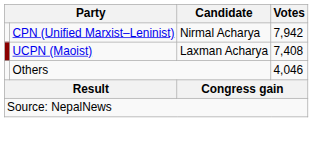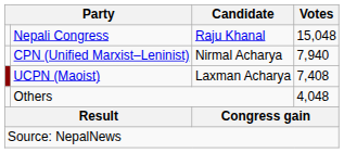 <table class="wikitable">
 <tr>
 <th colspan="2">Party</th>
 <th>Candidate</th>
 <th>Votes</th>
 </tr>
 <tr>
 <td style="background-color:"></td>
+<td><a href='#'>Nepali Congress</a></td>
+<td><a href='#'>Raju Khanal</a></td>
+<td>15,048</td>
+</tr>
+<tr>
+<td style="background-color:"></td>
 <td><a href='#'>CPN (Unified Marxist–Leninist)</a></td>
 <td>Nirmal Acharya</td>
-<td>7,942</td>
+<td>7,940</td>
 </tr>
 <tr>
 <td style="background-color:darkred"></td>
 <td><a href='#'>UCPN (Maoist)</a></td>
 <td>Laxman Acharya</td>
 <td>7,408</td>
 </tr>
 <tr>
 <td></td>
 <td colspan="2">Others</td>
-<td>4,046</td>
+<td>4,048</td>
 </tr>
 <tr>
 <th colspan="2">Result</th>
 <th colspan="2">Congress gain</th>
 </tr>
 <tr>
 <td colspan="4">Source: NepalNews</td>
 </tr>
 </table>
